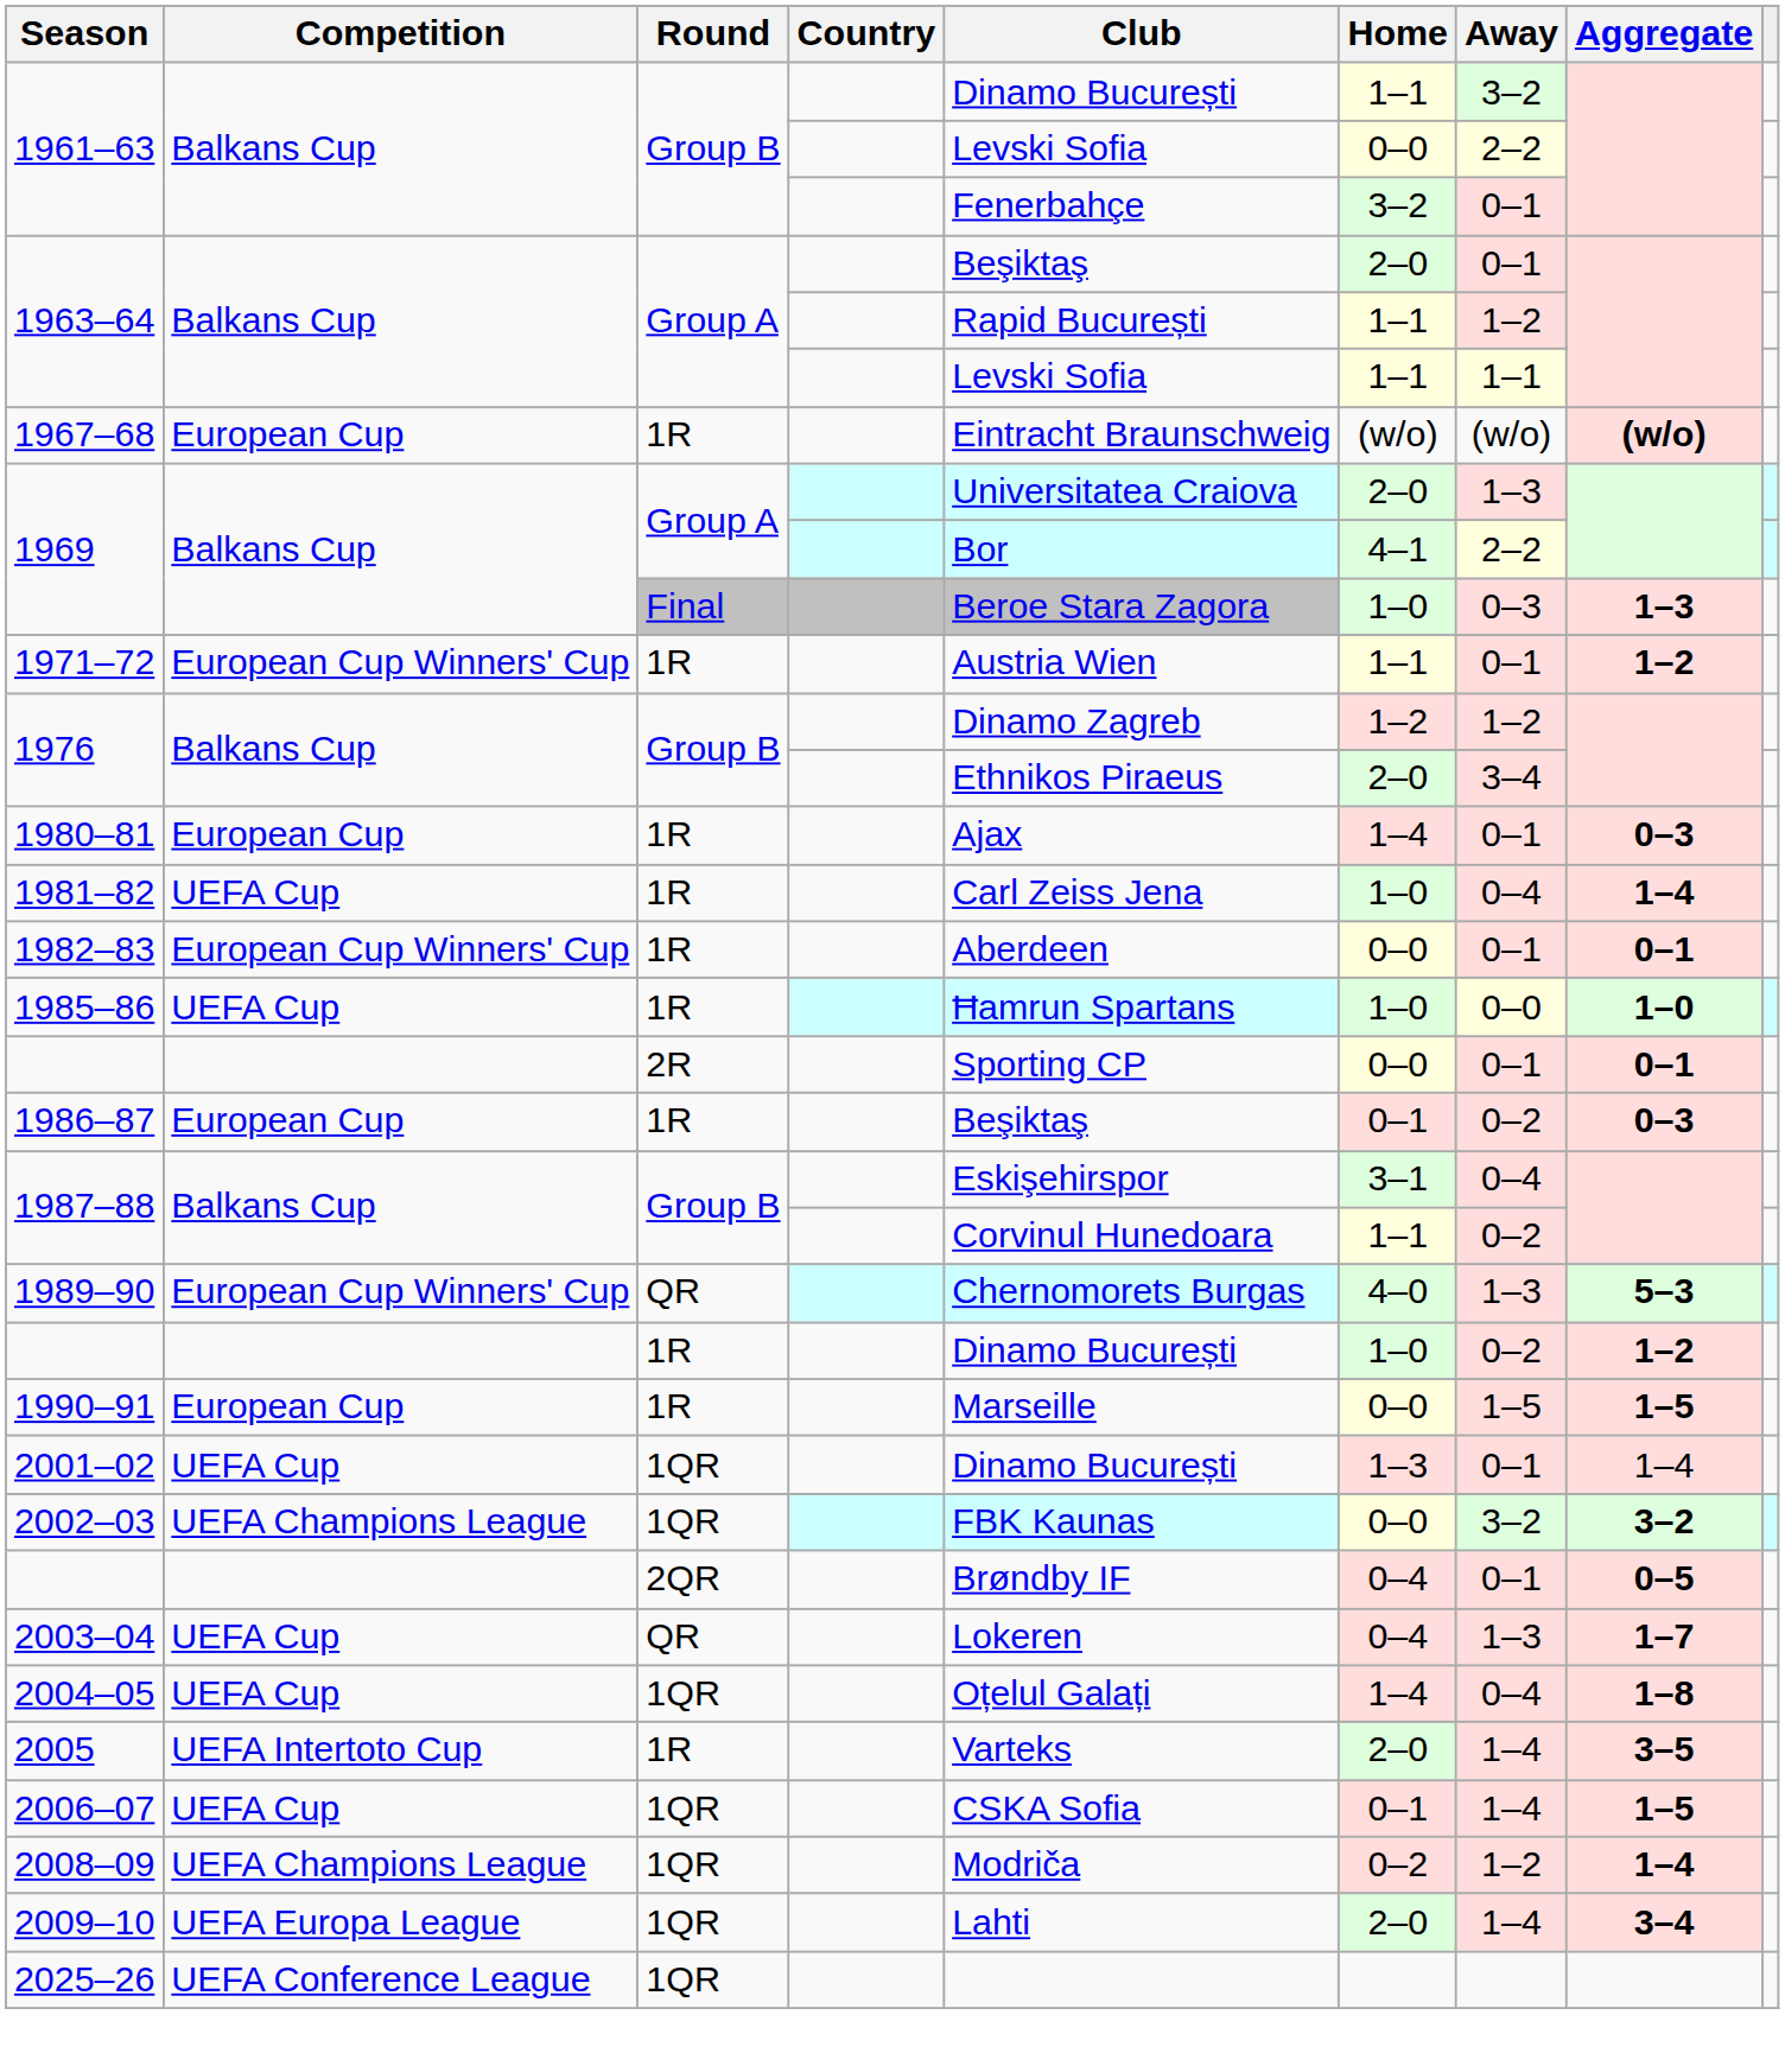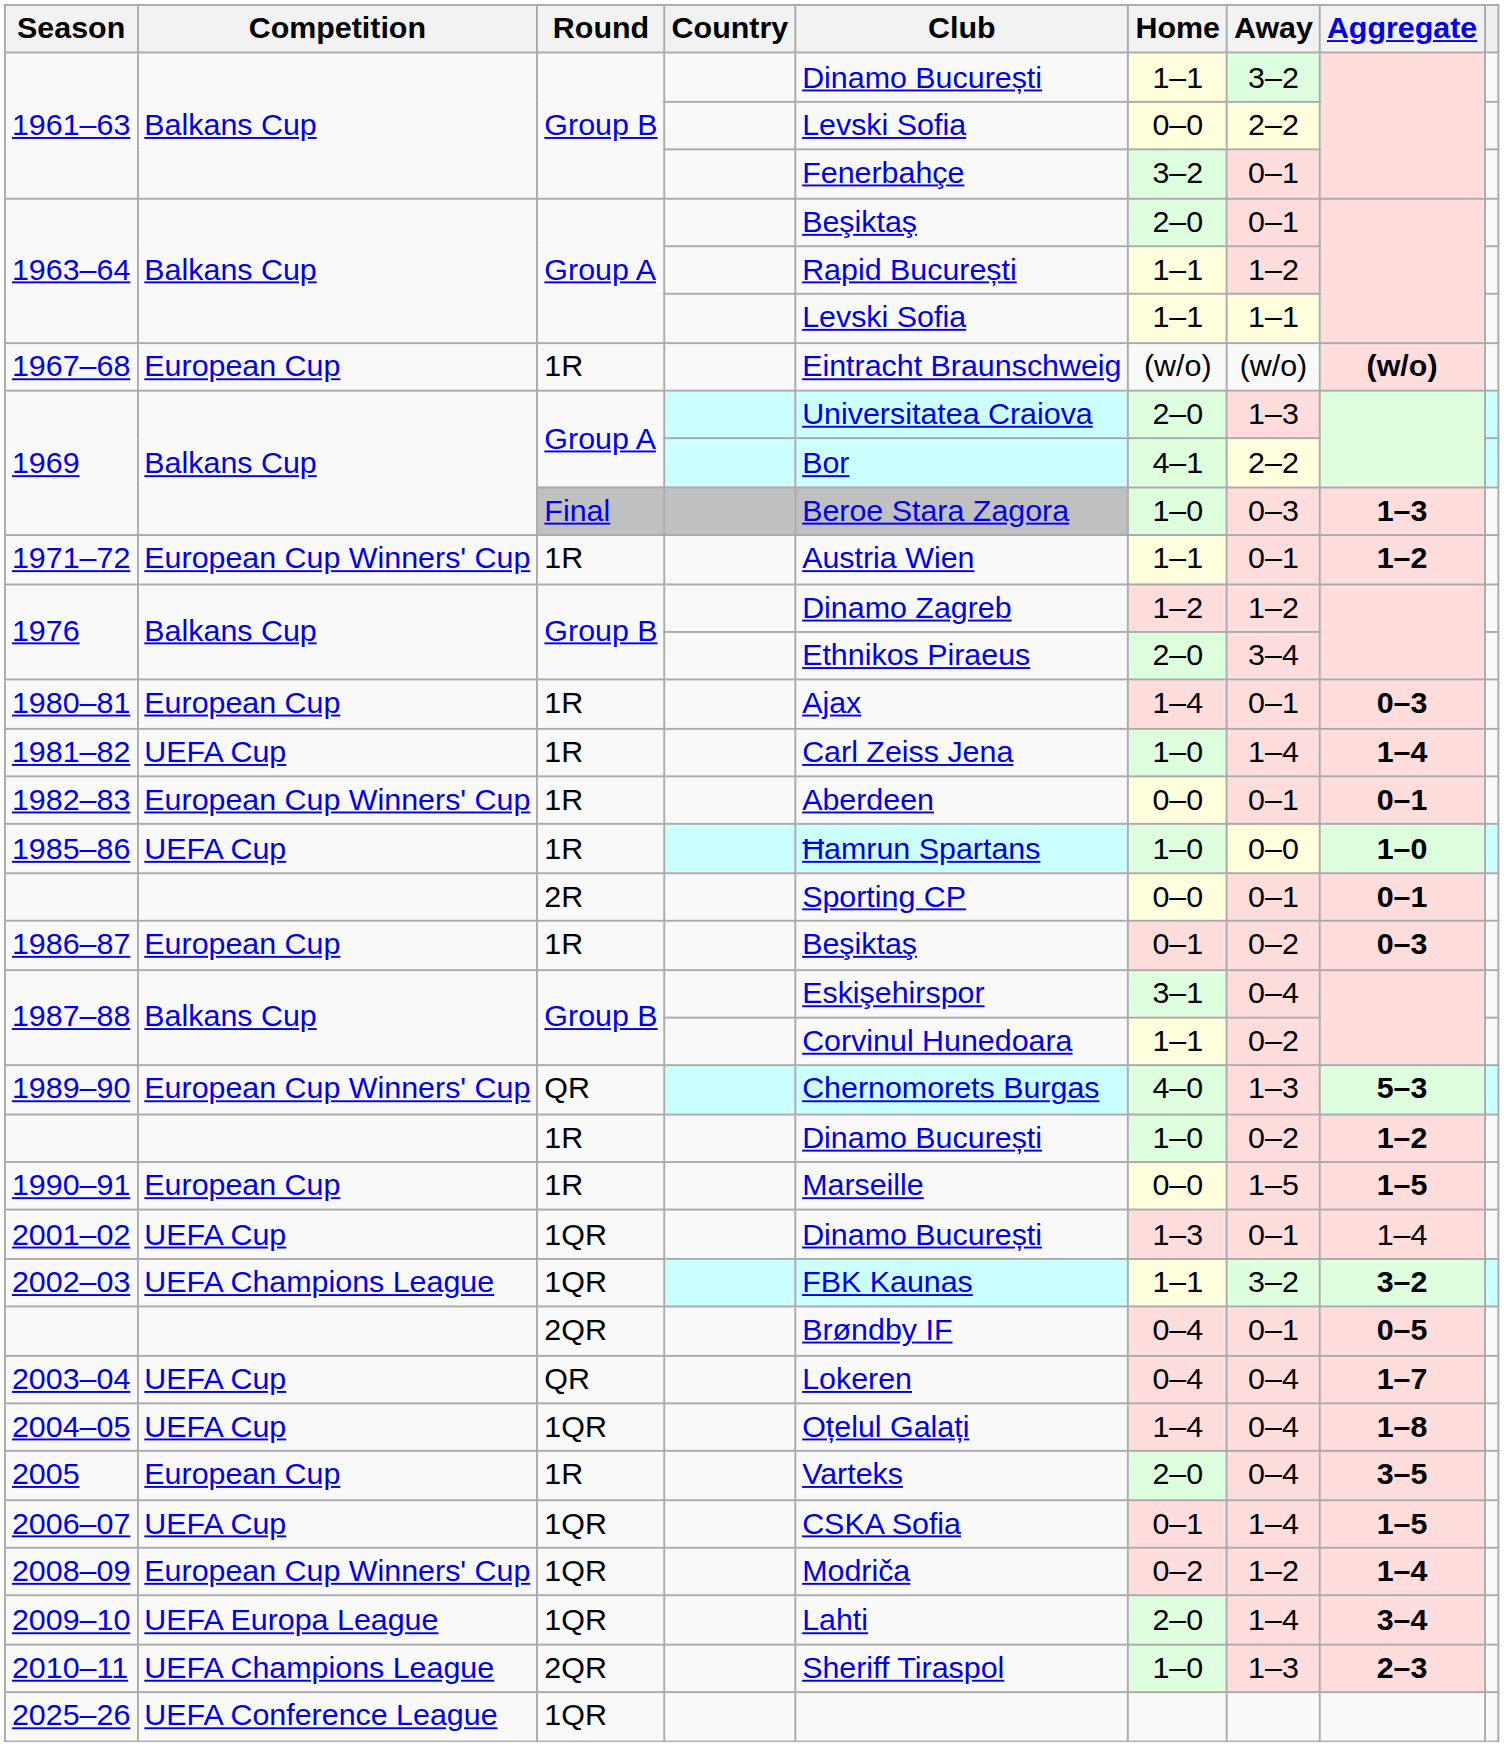 <table class="wikitable mw-collapsible mw-collapsed">
 <tr style="background:#efefef;">
 <th>Season</th>
 <th>Competition</th>
 <th>Round</th>
 <th>Country</th>
 <th>Club</th>
 <th>Home</th>
 <th>Away</th>
 <th><a href='#'>Aggregate</a></th>
 <td></td>
 </tr>
 <tr>
 <td rowspan="3"><a href='#'>1961–63</a></td>
 <td rowspan="3"><a href='#'>Balkans Cup</a></td>
 <td rowspan="3"><a href='#'>Group B</a></td>
 <td></td>
 <td><a href='#'>Dinamo București</a></td>
 <td style="text-align:center; background:#ffd;">1–1</td>
 <td style="text-align:center; background:#dfd;">3–2</td>
 <td rowspan=3 style="text-align:center; background:#fdd;"></td>
 <td style="text-align:center;"></td>
 </tr>
 <tr>
 <td></td>
 <td><a href='#'>Levski Sofia</a></td>
 <td style="text-align:center; background:#ffd;">0–0</td>
 <td style="text-align:center; background:#ffd;">2–2</td>
 <td style="text-align:center;"></td>
 </tr>
 <tr>
 <td></td>
 <td><a href='#'>Fenerbahçe</a></td>
 <td style="text-align:center; background:#dfd;">3–2</td>
 <td style="text-align:center; background:#fdd;">0–1</td>
 <td style="text-align:center;"></td>
 </tr>
 <tr>
 <td rowspan="3"><a href='#'>1963–64</a></td>
 <td rowspan="3"><a href='#'>Balkans Cup</a></td>
 <td rowspan="3"><a href='#'>Group A</a></td>
 <td></td>
 <td><a href='#'>Beşiktaş</a></td>
 <td style="text-align:center; background:#dfd;">2–0</td>
 <td style="text-align:center; background:#fdd;">0–1</td>
 <td rowspan=3 style="text-align:center; background:#fdd;"></td>
 <td style="text-align:center;"></td>
 </tr>
 <tr>
 <td></td>
 <td><a href='#'>Rapid București</a></td>
 <td style="text-align:center; background:#ffd;">1–1</td>
 <td style="text-align:center; background:#fdd;">1–2</td>
 <td style="text-align:center;"></td>
 </tr>
 <tr>
 <td></td>
 <td><a href='#'>Levski Sofia</a></td>
 <td style="text-align:center; background:#ffd;">1–1</td>
 <td style="text-align:center; background:#ffd;">1–1</td>
 <td style="text-align:center;"></td>
 </tr>
 <tr>
 <td><a href='#'>1967–68</a></td>
 <td><a href='#'>European Cup</a></td>
 <td>1R</td>
 <td></td>
 <td><a href='#'>Eintracht Braunschweig</a></td>
 <td style="text-align:center;">(w/o)</td>
 <td style="text-align:center;">(w/o)</td>
 <td style="text-align:center; background:#fdd;"><strong>(w/o)</strong></td>
 <td style="text-align:center;"></td>
 </tr>
 <tr>
 <td rowspan="3"><a href='#'>1969</a></td>
 <td rowspan="3"><a href='#'>Balkans Cup</a></td>
 <td rowspan="2"><a href='#'>Group A</a></td>
 <td style="background:#cff;"></td>
 <td style="background:#cff;"><a href='#'>Universitatea Craiova</a></td>
 <td style="text-align:center; background:#dfd;">2–0</td>
 <td style="text-align:center; background:#fdd;">1–3</td>
 <td rowspan=2 style="text-align:center; background:#dfd;"></td>
 <td style="background:#cff;" align="center;"></td>
 </tr>
 <tr>
 <td style="background:#cff;"></td>
 <td style="background:#cff;"><a href='#'>Bor</a></td>
 <td style="text-align:center; background:#dfd;">4–1</td>
 <td style="text-align:center; background:#ffd;">2–2</td>
 <td style="background:#cff;" align="center;"></td>
 </tr>
 <tr>
 <td style="background:silver;"><a href='#'>Final</a></td>
 <td style="background:silver;"></td>
 <td style="background:silver;"><a href='#'>Beroe Stara Zagora</a></td>
 <td style="text-align:center; background:#dfd;">1–0</td>
 <td style="text-align:center; background:#fdd;">0–3</td>
 <td style="text-align:center; background:#fdd;"><strong>1–3</strong></td>
 <td style="text-align:center;"></td>
 </tr>
 <tr>
 <td><a href='#'>1971–72</a></td>
 <td><a href='#'>European Cup Winners' Cup</a></td>
 <td>1R</td>
 <td></td>
 <td><a href='#'>Austria Wien</a></td>
 <td style="text-align:center; background:#ffd;">1–1</td>
 <td style="text-align:center; background:#fdd;">0–1</td>
 <td style="text-align:center; background:#fdd;"><strong>1–2</strong></td>
 <td style="text-align:center;"></td>
 </tr>
 <tr>
 <td rowspan="2"><a href='#'>1976</a></td>
 <td rowspan="2"><a href='#'>Balkans Cup</a></td>
 <td rowspan="2"><a href='#'>Group B</a></td>
 <td></td>
 <td><a href='#'>Dinamo Zagreb</a></td>
 <td style="text-align:center; background:#fdd;">1–2</td>
 <td style="text-align:center; background:#fdd;">1–2</td>
 <td rowspan=2 style="text-align:center; background:#fdd;"></td>
 <td style="text-align:center;"></td>
 </tr>
 <tr>
 <td></td>
 <td><a href='#'>Ethnikos Piraeus</a></td>
 <td style="text-align:center; background:#dfd;">2–0</td>
 <td style="text-align:center; background:#fdd;">3–4</td>
 <td style="text-align:center;"></td>
 </tr>
 <tr>
 <td><a href='#'>1980–81</a></td>
 <td><a href='#'>European Cup</a></td>
 <td>1R</td>
 <td></td>
 <td><a href='#'>Ajax</a></td>
 <td style="text-align:center; background:#fdd;">1–4</td>
 <td style="text-align:center; background:#fdd;">0–1</td>
 <td style="text-align:center; background:#fdd;"><strong>0–3</strong></td>
 <td style="text-align:center;"></td>
 </tr>
 <tr>
 <td><a href='#'>1981–82</a></td>
 <td><a href='#'>UEFA Cup</a></td>
 <td>1R</td>
 <td></td>
 <td><a href='#'>Carl Zeiss Jena</a></td>
 <td style="text-align:center; background:#dfd;">1–0</td>
-<td style="text-align:center; background:#fdd;">0–4</td>
+<td style="text-align:center; background:#fdd;">1–4</td>
 <td style="text-align:center; background:#fdd;"><strong>1–4</strong></td>
 <td style="text-align:center;"></td>
 </tr>
 <tr>
 <td><a href='#'>1982–83</a></td>
 <td><a href='#'>European Cup Winners' Cup</a></td>
 <td>1R</td>
 <td></td>
 <td><a href='#'>Aberdeen</a></td>
 <td style="text-align:center; background:#ffd;">0–0</td>
 <td style="text-align:center; background:#fdd;">0–1</td>
 <td style="text-align:center; background:#fdd;"><strong>0–1</strong></td>
 <td style="text-align:center;"></td>
 </tr>
 <tr>
 <td><a href='#'>1985–86</a></td>
 <td><a href='#'>UEFA Cup</a></td>
 <td>1R</td>
 <td style="background:#cff;"></td>
 <td style="background:#cff;"><a href='#'>Ħamrun Spartans</a></td>
 <td style="text-align:center; background:#dfd;">1–0</td>
 <td style="text-align:center; background:#ffd;">0–0</td>
 <td style="text-align:center; background:#dfd;"><strong>1–0</strong></td>
 <td style="background:#cff;" align="center;"></td>
 </tr>
 <tr>
 <td></td>
 <td></td>
 <td>2R</td>
 <td></td>
 <td><a href='#'>Sporting CP</a></td>
 <td style="text-align:center; background:#ffd;">0–0</td>
 <td style="text-align:center; background:#fdd;">0–1</td>
 <td style="text-align:center; background:#fdd;"><strong>0–1</strong></td>
 <td style="text-align:center;"></td>
 </tr>
 <tr>
 <td><a href='#'>1986–87</a></td>
 <td><a href='#'>European Cup</a></td>
 <td>1R</td>
 <td></td>
 <td><a href='#'>Beşiktaş</a></td>
 <td style="text-align:center; background:#fdd;">0–1</td>
 <td style="text-align:center; background:#fdd;">0–2</td>
 <td style="text-align:center; background:#fdd;"><strong>0–3</strong></td>
 <td style="text-align:center;"></td>
 </tr>
 <tr>
 <td rowspan="2"><a href='#'>1987–88</a></td>
 <td rowspan="2"><a href='#'>Balkans Cup</a></td>
 <td rowspan="2"><a href='#'>Group B</a></td>
 <td></td>
 <td><a href='#'>Eskişehirspor</a></td>
 <td style="text-align:center; background:#dfd;">3–1</td>
 <td style="text-align:center; background:#fdd;">0–4</td>
 <td rowspan=2 style="text-align:center; background:#fdd;"></td>
 <td style="text-align:center;"></td>
 </tr>
 <tr>
 <td></td>
 <td><a href='#'>Corvinul Hunedoara</a></td>
 <td style="text-align:center; background:#ffd;">1–1</td>
 <td style="text-align:center; background:#fdd;">0–2</td>
 <td style="text-align:center;"></td>
 </tr>
 <tr>
 <td><a href='#'>1989–90</a></td>
 <td><a href='#'>European Cup Winners' Cup</a></td>
 <td>QR</td>
 <td style="background:#cff;"></td>
 <td style="background:#cff;"><a href='#'>Chernomorets Burgas</a></td>
 <td style="text-align:center; background:#dfd;">4–0</td>
 <td style="text-align:center; background:#fdd;">1–3</td>
 <td style="text-align:center; background:#dfd;"><strong>5–3</strong></td>
 <td style="background:#cff;" align="center;"></td>
 </tr>
 <tr>
 <td></td>
 <td></td>
 <td>1R</td>
 <td></td>
 <td><a href='#'>Dinamo București</a></td>
 <td style="text-align:center; background:#dfd;">1–0</td>
 <td style="text-align:center; background:#fdd;">0–2</td>
 <td style="text-align:center; background:#fdd;"><strong>1–2</strong></td>
 <td style="text-align:center;"></td>
 </tr>
 <tr>
 <td><a href='#'>1990–91</a></td>
 <td><a href='#'>European Cup</a></td>
 <td>1R</td>
 <td></td>
 <td><a href='#'>Marseille</a></td>
 <td style="text-align:center; background:#ffd;">0–0</td>
 <td style="text-align:center; background:#fdd;">1–5</td>
 <td style="text-align:center; background:#fdd;"><strong>1–5</strong></td>
 <td style="text-align:center;"></td>
 </tr>
 <tr>
 <td><a href='#'>2001–02</a></td>
 <td><a href='#'>UEFA Cup</a></td>
 <td>1QR</td>
 <td></td>
 <td><a href='#'>Dinamo București</a></td>
 <td style="text-align:center; background:#fdd;">1–3</td>
 <td style="text-align:center; background:#fdd;">0–1</td>
 <td style="text-align:center; background:#fdd;">1–4</td>
 <td style="text-align:center;"></td>
 </tr>
 <tr>
 <td><a href='#'>2002–03</a></td>
 <td><a href='#'>UEFA Champions League</a></td>
 <td>1QR</td>
 <td style="background:#cff;"></td>
 <td style="background:#cff;"><a href='#'>FBK Kaunas</a></td>
-<td style="text-align:center; background:#ffd;">0–0</td>
+<td style="text-align:center; background:#ffd;">1–1</td>
 <td style="text-align:center; background:#dfd;">3–2</td>
 <td style="text-align:center; background:#dfd;"><strong>3–2</strong></td>
 <td style="background:#cff;" align="center;"></td>
 </tr>
 <tr>
 <td></td>
 <td></td>
 <td>2QR</td>
 <td></td>
 <td><a href='#'>Brøndby IF</a></td>
 <td style="text-align:center; background:#fdd;">0–4</td>
 <td style="text-align:center; background:#fdd;">0–1</td>
 <td style="text-align:center; background:#fdd;"><strong>0–5</strong></td>
 <td style="text-align:center;"></td>
 </tr>
 <tr>
 <td><a href='#'>2003–04</a></td>
 <td><a href='#'>UEFA Cup</a></td>
 <td>QR</td>
 <td></td>
 <td><a href='#'>Lokeren</a></td>
 <td style="text-align:center; background:#fdd;">0–4</td>
-<td style="text-align:center; background:#fdd;">1–3</td>
+<td style="text-align:center; background:#fdd;">0–4</td>
 <td style="text-align:center; background:#fdd;"><strong>1–7</strong></td>
 <td style="text-align:center;"></td>
 </tr>
 <tr>
 <td><a href='#'>2004–05</a></td>
 <td><a href='#'>UEFA Cup</a></td>
 <td>1QR</td>
 <td></td>
 <td><a href='#'>Oțelul Galați</a></td>
 <td style="text-align:center; background:#fdd;">1–4</td>
 <td style="text-align:center; background:#fdd;">0–4</td>
 <td style="text-align:center; background:#fdd;"><strong>1–8</strong></td>
 <td style="text-align:center;"></td>
 </tr>
 <tr>
 <td><a href='#'>2005</a></td>
-<td><a href='#'>UEFA Intertoto Cup</a></td>
+<td><a href='#'>European Cup</a></td>
 <td>1R</td>
 <td></td>
 <td><a href='#'>Varteks</a></td>
 <td style="text-align:center; background:#dfd;">2–0</td>
-<td style="text-align:center; background:#fdd;">1–4</td>
+<td style="text-align:center; background:#fdd;">0–4</td>
 <td style="text-align:center; background:#fdd;"><strong>3–5</strong></td>
 <td style="text-align:center;"></td>
 </tr>
 <tr>
 <td><a href='#'>2006–07</a></td>
 <td><a href='#'>UEFA Cup</a></td>
 <td>1QR</td>
 <td></td>
 <td><a href='#'>CSKA Sofia</a></td>
 <td style="text-align:center; background:#fdd;">0–1</td>
 <td style="text-align:center; background:#fdd;">1–4</td>
 <td style="text-align:center; background:#fdd;"><strong>1–5</strong></td>
 <td style="text-align:center;"></td>
 </tr>
 <tr>
 <td><a href='#'>2008–09</a></td>
-<td><a href='#'>UEFA Champions League</a></td>
+<td><a href='#'>European Cup Winners' Cup</a></td>
 <td>1QR</td>
 <td></td>
 <td><a href='#'>Modriča</a></td>
 <td style="text-align:center; background:#fdd;">0–2</td>
 <td style="text-align:center; background:#fdd;">1–2</td>
 <td style="text-align:center; background:#fdd;"><strong>1–4</strong></td>
 <td style="text-align:center;"></td>
 </tr>
 <tr>
 <td><a href='#'>2009–10</a></td>
 <td><a href='#'>UEFA Europa League</a></td>
 <td>1QR</td>
 <td></td>
 <td><a href='#'>Lahti</a></td>
 <td style="text-align:center; background:#dfd;">2–0</td>
 <td style="text-align:center; background:#fdd;">1–4</td>
 <td style="text-align:center; background:#fdd;"><strong>3–4</strong></td>
 <td style="text-align:center;"></td>
 </tr>
 <tr>
+<td><a href='#'>2010–11</a></td>
+<td><a href='#'>UEFA Champions League</a></td>
+<td>2QR</td>
+<td></td>
+<td><a href='#'>Sheriff Tiraspol</a></td>
+<td style="text-align:center; background:#dfd;">1–0</td>
+<td style="text-align:center; background:#fdd;">1–3</td>
+<td style="text-align:center; background:#fdd;"><strong>2–3</strong></td>
+<td style="text-align:center;"></td>
+</tr>
+<tr>
 <td><a href='#'>2025–26</a></td>
 <td><a href='#'>UEFA Conference League</a></td>
 <td>1QR</td>
 <td></td>
 <td></td>
 <td style="text-align:center;"></td>
 <td style="text-align:center;"></td>
 <td style="text-align:center;"></td>
 <td style="text-align:center;"></td>
 </tr>
 </table>
